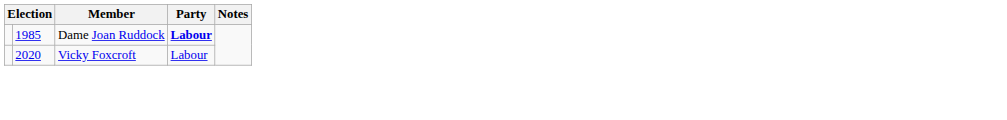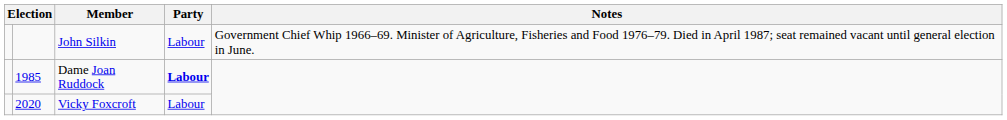 <table class="wikitable">
 <tr>
 <th colspan="2">Election</th>
 <th>Member</th>
 <th>Party</th>
 <th>Notes</th>
+</tr>
+<tr>
+<td style="color:inherit;background-color: "></td>
+<td><a href='#'></a></td>
+<td><a href='#'>John Silkin</a></td>
+<td><a href='#'>Labour</a></td>
+<td>Government Chief Whip 1966–69.  Minister of Agriculture, Fisheries and Food 1976–79.  Died in April 1987; seat remained vacant until general election in June.</td>
 </tr>
 <tr>
 <td style="color:inherit;background-color: "></td>
 <td><a href='#'>1985</a></td>
 <td>Dame <a href='#'>Joan Ruddock</a></td>
 <td><strong><a href='#'>Labour</a></strong></td>
 </tr>
 <tr>
 <td style="color:inherit;background-color: "></td>
 <td><a href='#'>2020</a></td>
 <td><a href='#'>Vicky Foxcroft</a></td>
 <td><a href='#'>Labour</a></td>
 </tr>
 </table>
